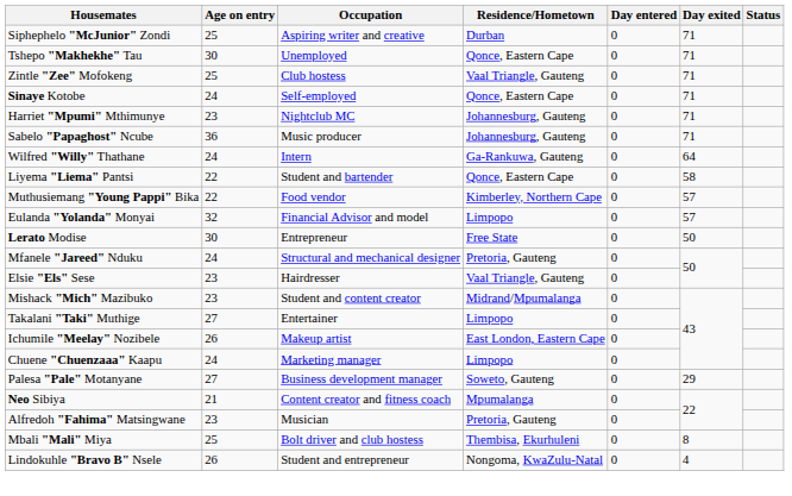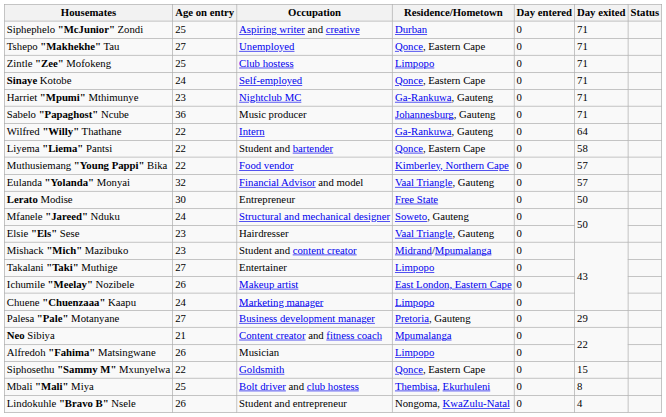 <table class="wikitable" style="text-aligntext-align:center;">
 <tr>
 <th>Housemates</th>
 <th>Age on entry </th>
 <th>Occupation</th>
 <th>Residence/Hometown</th>
 <th>Day entered</th>
 <th>Day exited</th>
 <th>Status </th>
 </tr>
 <tr>
 <td>Siphephelo <strong>"McJunior"</strong> Zondi</td>
 <td>25</td>
 <td><a href='#'>Aspiring writer</a> and <a href='#'>creative</a></td>
 <td><a href='#'>Durban</a></td>
 <td>0</td>
 <td>71</td>
 <td></td>
 </tr>
 <tr>
 <td>Tshepo <strong>"Makhekhe"</strong> Tau</td>
-<td>30</td>
+<td>27</td>
 <td><a href='#'>Unemployed</a></td>
 <td><a href='#'>Qonce</a>, Eastern Cape</td>
 <td>0</td>
 <td>71</td>
 <td></td>
 </tr>
 <tr>
 <td>Zintle <strong>"Zee"</strong> Mofokeng</td>
 <td>25</td>
 <td><a href='#'>Club hostess</a></td>
-<td><a href='#'>Vaal Triangle</a>, Gauteng</td>
+<td><a href='#'>Limpopo</a></td>
 <td>0</td>
 <td>71</td>
 <td></td>
 </tr>
 <tr>
 <td><strong>Sinaye</strong> Kotobe</td>
 <td>24</td>
 <td><a href='#'>Self-employed</a></td>
 <td><a href='#'>Qonce</a>, Eastern Cape</td>
 <td>0</td>
 <td>71</td>
 <td></td>
 </tr>
 <tr>
 <td>Harriet <strong>"Mpumi"</strong> Mthimunye</td>
 <td>23</td>
 <td><a href='#'>Nightclub MC</a></td>
-<td><a href='#'>Johannesburg</a>, Gauteng</td>
+<td><a href='#'>Ga-Rankuwa</a>, Gauteng</td>
 <td>0</td>
 <td>71</td>
 <td></td>
 </tr>
 <tr>
 <td>Sabelo <strong>"Papaghost"</strong> Ncube</td>
 <td>36</td>
 <td>Music producer</td>
 <td><a href='#'>Johannesburg</a>, Gauteng</td>
 <td>0</td>
 <td>71</td>
 <td></td>
 </tr>
 <tr>
 <td>Wilfred <strong>"Willy"</strong> Thathane</td>
-<td>24</td>
+<td>22</td>
 <td><a href='#'>Intern</a></td>
 <td><a href='#'>Ga-Rankuwa</a>, Gauteng</td>
 <td>0</td>
 <td>64</td>
 <td></td>
 </tr>
 <tr>
 <td>Liyema <strong>"Liema"</strong> Pantsi</td>
 <td>22</td>
 <td>Student and <a href='#'>bartender</a></td>
 <td><a href='#'>Qonce</a>, Eastern Cape</td>
 <td>0</td>
 <td>58</td>
 <td></td>
 </tr>
 <tr>
 <td>Muthusiemang <strong>"Young Pappi"</strong>  Bika</td>
 <td>22</td>
 <td><a href='#'>Food vendor</a></td>
 <td><a href='#'>Kimberley, Northern Cape</a></td>
 <td>0</td>
 <td>57</td>
 <td></td>
 </tr>
 <tr>
 <td>Eulanda <strong>"Yolanda"</strong> Monyai</td>
 <td>32</td>
 <td><a href='#'>Financial Advisor</a> and model</td>
-<td><a href='#'>Limpopo</a></td>
+<td><a href='#'>Vaal Triangle</a>, Gauteng</td>
 <td>0</td>
 <td>57</td>
 <td></td>
 </tr>
 <tr>
 <td><strong>Lerato</strong> Modise</td>
 <td>30</td>
 <td>Entrepreneur</td>
 <td><a href='#'>Free State</a></td>
 <td>0</td>
 <td>50</td>
 <td></td>
 </tr>
 <tr>
 <td>Mfanele <strong>"Jareed"</strong> Nduku</td>
 <td>24</td>
 <td><a href='#'>Structural and mechanical designer</a></td>
-<td><a href='#'>Pretoria</a>, Gauteng</td>
+<td><a href='#'>Soweto</a>, Gauteng</td>
 <td>0</td>
 <td rowspan="2">50</td>
 <td></td>
 </tr>
 <tr>
 <td>Elsie <strong>"Els"</strong> Sese</td>
 <td>23</td>
 <td>Hairdresser</td>
 <td><a href='#'>Vaal Triangle</a>, Gauteng</td>
 <td>0</td>
 <td></td>
 </tr>
 <tr>
 <td>Mishack <strong>"Mich"</strong> Mazibuko</td>
 <td>23</td>
 <td>Student and <a href='#'>content creator</a></td>
 <td><a href='#'>Midrand</a>/<a href='#'>Mpumalanga</a></td>
 <td>0</td>
 <td rowspan="4">43</td>
 <td></td>
 </tr>
 <tr>
 <td>Takalani <strong>"Taki"</strong> Muthige</td>
 <td>27</td>
 <td>Entertainer</td>
 <td><a href='#'>Limpopo</a></td>
 <td>0</td>
 <td></td>
 </tr>
 <tr>
 <td>Ichumile <strong>"Meelay"</strong> Nozibele</td>
 <td>26</td>
 <td><a href='#'>Makeup artist</a></td>
 <td><a href='#'>East London, Eastern Cape</a></td>
 <td>0</td>
 <td></td>
 </tr>
 <tr>
 <td>Chuene <strong>"Chuenzaaa"</strong> Kaapu</td>
 <td>24</td>
 <td><a href='#'>Marketing manager</a></td>
 <td><a href='#'>Limpopo</a></td>
 <td>0</td>
 <td></td>
 </tr>
 <tr>
 <td>Palesa <strong>"Pale"</strong> Motanyane</td>
 <td>27</td>
 <td><a href='#'>Business development manager</a></td>
-<td><a href='#'>Soweto</a>, Gauteng</td>
+<td><a href='#'>Pretoria</a>, Gauteng</td>
 <td>0</td>
 <td>29</td>
 <td></td>
 </tr>
 <tr>
 <td><strong>Neo</strong> Sibiya</td>
 <td>21</td>
 <td><a href='#'>Content creator</a> and <a href='#'>fitness coach</a></td>
 <td><a href='#'>Mpumalanga</a></td>
 <td>0</td>
 <td rowspan="2">22</td>
 <td></td>
 </tr>
 <tr>
 <td>Alfredoh <strong>"Fahima"</strong> Matsingwane</td>
-<td>23</td>
+<td>26</td>
 <td>Musician</td>
-<td><a href='#'>Pretoria</a>, Gauteng</td>
+<td><a href='#'>Limpopo</a></td>
 <td>0</td>
+<td></td>
+</tr>
+<tr>
+<td>Siphosethu <strong>"Sammy M"</strong> Mxunyelwa</td>
+<td>22</td>
+<td><a href='#'>Goldsmith</a></td>
+<td><a href='#'>Qonce</a>, Eastern Cape</td>
+<td>0</td>
+<td>15</td>
 <td></td>
 </tr>
 <tr>
 <td>Mbali <strong>"Mali"</strong> Miya</td>
 <td>25</td>
 <td><a href='#'>Bolt driver</a> and <a href='#'>club hostess</a></td>
 <td><a href='#'>Thembisa</a>, <a href='#'>Ekurhuleni</a></td>
 <td>0</td>
 <td>8</td>
 <td></td>
 </tr>
 <tr>
 <td>Lindokuhle <strong>"Bravo B"</strong> Nsele</td>
 <td>26</td>
 <td>Student and entrepreneur</td>
 <td>Nongoma, <a href='#'>KwaZulu-Natal</a></td>
 <td>0</td>
 <td>4</td>
 <td></td>
 </tr>
 </table>
